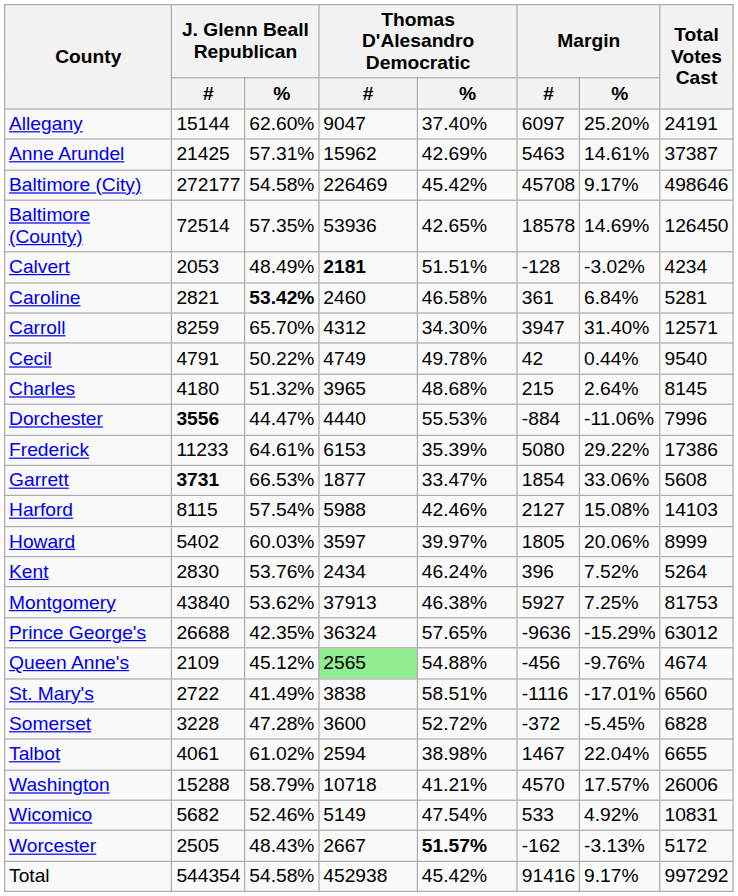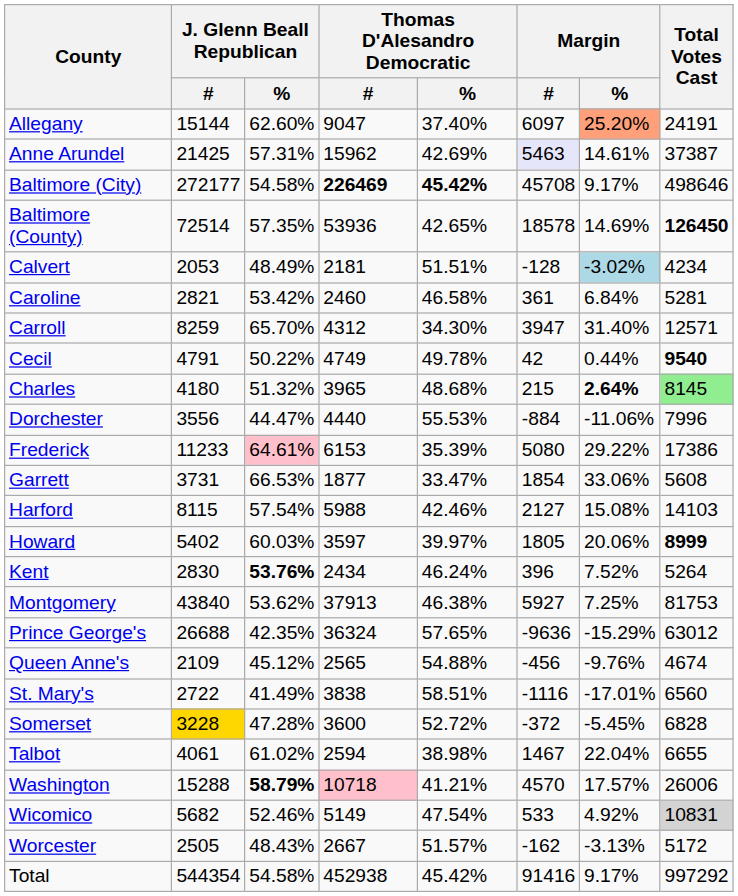 <table class="wikitable sortable">
 <tr>
 <th rowspan="2">County</th>
 <th colspan="2" >J. Glenn Beall<br>Republican</th>
 <th colspan="2" >Thomas D'Alesandro<br>Democratic</th>
 <th colspan="2">Margin</th>
 <th rowspan="2">Total<br>Votes<br>Cast</th>
 </tr>
 <tr>
 <th>#</th>
 <th>%</th>
 <th>#</th>
 <th>%</th>
 <th>#</th>
 <th>%</th>
 </tr>
 <tr>
 <td><a href='#'>Allegany</a></td>
 <td>15144</td>
 <td>62.60%</td>
 <td>9047</td>
 <td>37.40%</td>
 <td>6097</td>
-<td>25.20%</td>
+<td style="background: lightsalmon;">25.20%</td>
 <td>24191</td>
 </tr>
 <tr>
 <td><a href='#'>Anne Arundel</a></td>
 <td>21425</td>
 <td>57.31%</td>
 <td>15962</td>
 <td>42.69%</td>
-<td>5463</td>
+<td style="background: lavender;">5463</td>
 <td>14.61%</td>
 <td>37387</td>
 </tr>
 <tr>
 <td><a href='#'>Baltimore (City)</a></td>
 <td>272177</td>
 <td>54.58%</td>
-<td>226469</td>
-<td>45.42%</td>
+<td><strong>226469</strong></td>
+<td><strong>45.42%</strong></td>
 <td>45708</td>
 <td>9.17%</td>
 <td>498646</td>
 </tr>
 <tr>
 <td><a href='#'>Baltimore (County)</a></td>
 <td>72514</td>
 <td>57.35%</td>
 <td>53936</td>
 <td>42.65%</td>
 <td>18578</td>
 <td>14.69%</td>
-<td>126450</td>
+<td><strong>126450</strong></td>
 </tr>
 <tr>
 <td><a href='#'>Calvert</a></td>
 <td>2053</td>
 <td>48.49%</td>
-<td><strong>2181</strong></td>
+<td>2181</td>
 <td>51.51%</td>
 <td>-128</td>
-<td>-3.02%</td>
+<td style="background: lightblue;">-3.02%</td>
 <td>4234</td>
 </tr>
 <tr>
 <td><a href='#'>Caroline</a></td>
 <td>2821</td>
-<td><strong>53.42%</strong></td>
+<td>53.42%</td>
 <td>2460</td>
 <td>46.58%</td>
 <td>361</td>
 <td>6.84%</td>
 <td>5281</td>
 </tr>
 <tr>
 <td><a href='#'>Carroll</a></td>
 <td>8259</td>
 <td>65.70%</td>
 <td>4312</td>
 <td>34.30%</td>
 <td>3947</td>
 <td>31.40%</td>
 <td>12571</td>
 </tr>
 <tr>
 <td><a href='#'>Cecil</a></td>
 <td>4791</td>
 <td>50.22%</td>
 <td>4749</td>
 <td>49.78%</td>
 <td>42</td>
 <td>0.44%</td>
-<td>9540</td>
+<td><strong>9540</strong></td>
 </tr>
 <tr>
 <td><a href='#'>Charles</a></td>
 <td>4180</td>
 <td>51.32%</td>
 <td>3965</td>
 <td>48.68%</td>
 <td>215</td>
-<td>2.64%</td>
-<td>8145</td>
+<td><strong>2.64%</strong></td>
+<td style="background: lightgreen;">8145</td>
 </tr>
 <tr>
 <td><a href='#'>Dorchester</a></td>
-<td><strong>3556</strong></td>
+<td>3556</td>
 <td>44.47%</td>
 <td>4440</td>
 <td>55.53%</td>
 <td>-884</td>
 <td>-11.06%</td>
 <td>7996</td>
 </tr>
 <tr>
 <td><a href='#'>Frederick</a></td>
 <td>11233</td>
-<td>64.61%</td>
+<td style="background: pink;">64.61%</td>
 <td>6153</td>
 <td>35.39%</td>
 <td>5080</td>
 <td>29.22%</td>
 <td>17386</td>
 </tr>
 <tr>
 <td><a href='#'>Garrett</a></td>
-<td><strong>3731</strong></td>
+<td>3731</td>
 <td>66.53%</td>
 <td>1877</td>
 <td>33.47%</td>
 <td>1854</td>
 <td>33.06%</td>
 <td>5608</td>
 </tr>
 <tr>
 <td><a href='#'>Harford</a></td>
 <td>8115</td>
 <td>57.54%</td>
 <td>5988</td>
 <td>42.46%</td>
 <td>2127</td>
 <td>15.08%</td>
 <td>14103</td>
 </tr>
 <tr>
 <td><a href='#'>Howard</a></td>
 <td>5402</td>
 <td>60.03%</td>
 <td>3597</td>
 <td>39.97%</td>
 <td>1805</td>
 <td>20.06%</td>
-<td>8999</td>
+<td><strong>8999</strong></td>
 </tr>
 <tr>
 <td><a href='#'>Kent</a></td>
 <td>2830</td>
-<td>53.76%</td>
+<td><strong>53.76%</strong></td>
 <td>2434</td>
 <td>46.24%</td>
 <td>396</td>
 <td>7.52%</td>
 <td>5264</td>
 </tr>
 <tr>
 <td><a href='#'>Montgomery</a></td>
 <td>43840</td>
 <td>53.62%</td>
 <td>37913</td>
 <td>46.38%</td>
 <td>5927</td>
 <td>7.25%</td>
 <td>81753</td>
 </tr>
 <tr>
 <td><a href='#'>Prince George's</a></td>
 <td>26688</td>
 <td>42.35%</td>
 <td>36324</td>
 <td>57.65%</td>
 <td>-9636</td>
 <td>-15.29%</td>
 <td>63012</td>
 </tr>
 <tr>
 <td><a href='#'>Queen Anne's</a></td>
 <td>2109</td>
 <td>45.12%</td>
-<td style="background: lightgreen;">2565</td>
+<td>2565</td>
 <td>54.88%</td>
 <td>-456</td>
 <td>-9.76%</td>
 <td>4674</td>
 </tr>
 <tr>
 <td><a href='#'>St. Mary's</a></td>
 <td>2722</td>
 <td>41.49%</td>
 <td>3838</td>
 <td>58.51%</td>
 <td>-1116</td>
 <td>-17.01%</td>
 <td>6560</td>
 </tr>
 <tr>
 <td><a href='#'>Somerset</a></td>
-<td>3228</td>
+<td style="background: gold;">3228</td>
 <td>47.28%</td>
 <td>3600</td>
 <td>52.72%</td>
 <td>-372</td>
 <td>-5.45%</td>
 <td>6828</td>
 </tr>
 <tr>
 <td><a href='#'>Talbot</a></td>
 <td>4061</td>
 <td>61.02%</td>
 <td>2594</td>
 <td>38.98%</td>
 <td>1467</td>
 <td>22.04%</td>
 <td>6655</td>
 </tr>
 <tr>
 <td><a href='#'>Washington</a></td>
 <td>15288</td>
-<td>58.79%</td>
-<td>10718</td>
+<td><strong>58.79%</strong></td>
+<td style="background: pink;">10718</td>
 <td>41.21%</td>
 <td>4570</td>
 <td>17.57%</td>
 <td>26006</td>
 </tr>
 <tr>
 <td><a href='#'>Wicomico</a></td>
 <td>5682</td>
 <td>52.46%</td>
 <td>5149</td>
 <td>47.54%</td>
 <td>533</td>
 <td>4.92%</td>
-<td>10831</td>
+<td style="background: lightgrey;">10831</td>
 </tr>
 <tr>
 <td><a href='#'>Worcester</a></td>
 <td>2505</td>
 <td>48.43%</td>
 <td>2667</td>
-<td><strong>51.57%</strong></td>
+<td>51.57%</td>
 <td>-162</td>
 <td>-3.13%</td>
 <td>5172</td>
 </tr>
 <tr>
 <td>Total</td>
 <td>544354</td>
 <td>54.58%</td>
 <td>452938</td>
 <td>45.42%</td>
 <td>91416</td>
 <td>9.17%</td>
 <td>997292</td>
 </tr>
 </table>
